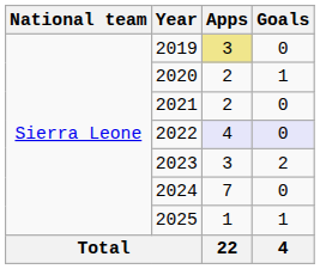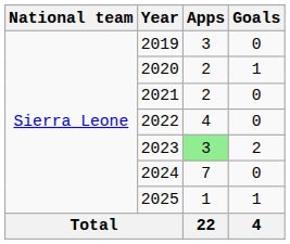 <table class="wikitable" style="text-align: center;">
 <tr>
 <th>National team</th>
 <th>Year</th>
 <th>Apps</th>
 <th>Goals</th>
 </tr>
 <tr>
 <td rowspan="7"><a href='#'>Sierra Leone</a></td>
 <td>2019</td>
-<td style="background: khaki;">3</td>
+<td>3</td>
 <td>0</td>
 </tr>
 <tr>
 <td>2020</td>
 <td>2</td>
 <td>1</td>
 </tr>
 <tr>
 <td>2021</td>
 <td>2</td>
 <td>0</td>
 </tr>
 <tr>
 <td>2022</td>
-<td style="background: lavender;">4</td>
-<td style="background: lavender;">0</td>
+<td>4</td>
+<td>0</td>
 </tr>
 <tr>
 <td>2023</td>
-<td>3</td>
+<td style="background: lightgreen;">3</td>
 <td>2</td>
 </tr>
 <tr>
 <td>2024</td>
 <td>7</td>
 <td>0</td>
 </tr>
 <tr>
 <td>2025</td>
 <td>1</td>
 <td>1</td>
 </tr>
 <tr>
 <th colspan="2">Total</th>
 <th>22</th>
 <th>4</th>
 </tr>
 </table>
